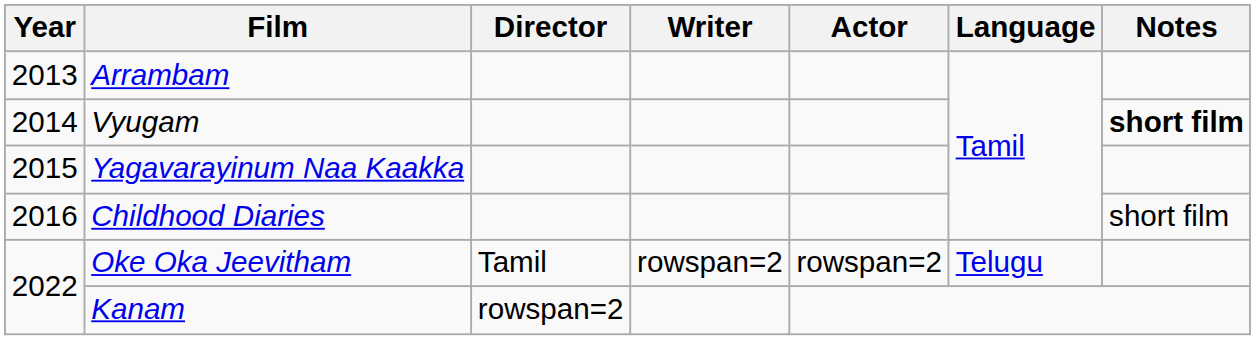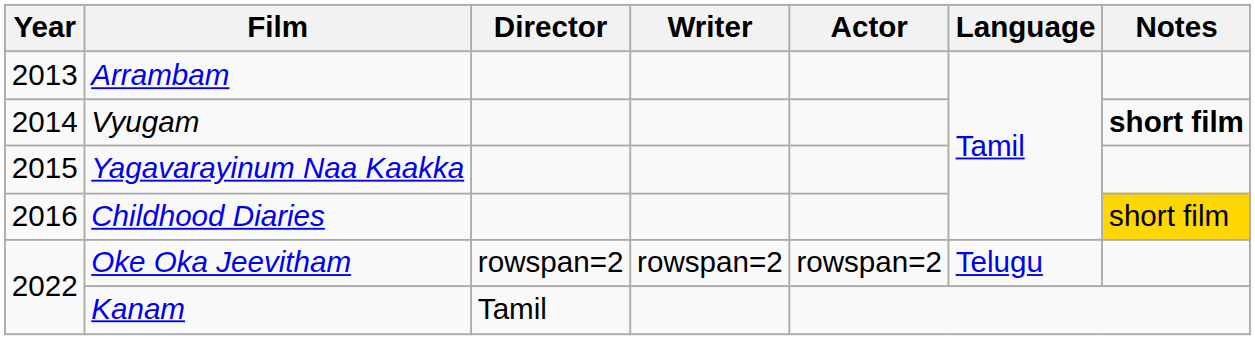 <table class="wikitable sortable">
 <tr>
 <th>Year</th>
 <th>Film</th>
 <th>Director</th>
 <th>Writer</th>
 <th>Actor</th>
 <th>Language</th>
 <th>Notes</th>
 </tr>
 <tr>
 <td>2013</td>
 <td><em><a href='#'>Arrambam</a></em></td>
 <td></td>
 <td></td>
 <td></td>
 <td rowspan="4"><a href='#'>Tamil</a></td>
 <td></td>
 </tr>
 <tr>
 <td>2014</td>
 <td><em>Vyugam</em></td>
 <td></td>
 <td></td>
 <td></td>
 <td><strong>short film</strong></td>
 </tr>
 <tr>
 <td>2015</td>
 <td><em><a href='#'>Yagavarayinum Naa Kaakka</a></em></td>
 <td></td>
 <td></td>
 <td></td>
 <td></td>
 </tr>
 <tr>
 <td>2016</td>
 <td><em><a href='#'>Childhood Diaries</a></em></td>
 <td></td>
 <td></td>
 <td></td>
-<td>short film</td>
+<td style="background: gold;">short film</td>
 </tr>
 <tr>
 <td rowspan=2>2022</td>
 <td><em><a href='#'>Oke Oka Jeevitham</a></em></td>
-<td>Tamil</td>
+<td>rowspan=2 </td>
 <td>rowspan=2 </td>
 <td>rowspan=2 </td>
 <td><a href='#'>Telugu</a></td>
 <td></td>
 </tr>
 <tr>
 <td><em><a href='#'>Kanam</a></em></td>
-<td>rowspan=2 </td>
+<td>Tamil</td>
 <td></td>
 </tr>
 </table>
